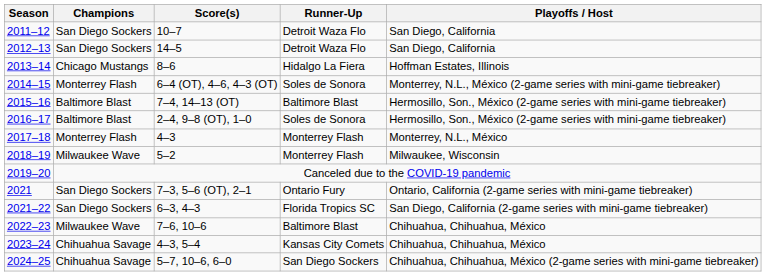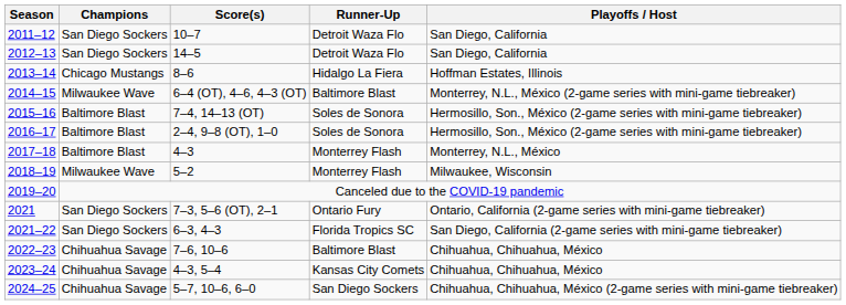 <table class="wikitable">
 <tr>
 <th scope="col">Season</th>
 <th scope="col">Champions</th>
 <th scope="col">Score(s)</th>
 <th scope="col">Runner-Up</th>
 <th scope="col">Playoffs / Host</th>
 </tr>
 <tr>
 <td scope="row"><a href='#'>2011–12</a></td>
 <td>San Diego Sockers</td>
 <td>10–7</td>
 <td>Detroit Waza Flo</td>
 <td>San Diego, California</td>
 </tr>
 <tr>
 <td scope="row"><a href='#'>2012–13</a></td>
 <td>San Diego Sockers</td>
 <td>14–5</td>
 <td>Detroit Waza Flo</td>
 <td>San Diego, California</td>
 </tr>
 <tr>
 <td scope="row"><a href='#'>2013–14</a></td>
 <td>Chicago Mustangs</td>
 <td>8–6</td>
 <td>Hidalgo La Fiera</td>
 <td>Hoffman Estates, Illinois</td>
 </tr>
 <tr>
 <td scope="row"><a href='#'>2014–15</a></td>
-<td>Monterrey Flash</td>
+<td>Milwaukee Wave</td>
 <td>6–4 (OT), 4–6, 4–3 (OT)</td>
-<td>Soles de Sonora</td>
+<td>Baltimore Blast</td>
 <td>Monterrey, N.L., México (2-game series with mini-game tiebreaker)</td>
 </tr>
 <tr>
 <td scope="row"><a href='#'>2015–16</a></td>
 <td>Baltimore Blast</td>
 <td>7–4, 14–13 (OT)</td>
-<td>Baltimore Blast</td>
+<td>Soles de Sonora</td>
 <td>Hermosillo, Son., México (2-game series with mini-game tiebreaker)</td>
 </tr>
 <tr>
 <td scope="row"><a href='#'>2016–17</a></td>
 <td>Baltimore Blast</td>
 <td>2–4, 9–8 (OT), 1–0</td>
 <td>Soles de Sonora</td>
 <td>Hermosillo, Son., México (2-game series with mini-game tiebreaker)</td>
 </tr>
 <tr>
 <td scope="row"><a href='#'>2017–18</a></td>
-<td>Monterrey Flash</td>
+<td>Baltimore Blast</td>
 <td>4–3</td>
 <td>Monterrey Flash</td>
 <td>Monterrey, N.L., México</td>
 </tr>
 <tr>
 <td scope="row"><a href='#'>2018–19</a></td>
 <td>Milwaukee Wave</td>
 <td>5–2</td>
 <td>Monterrey Flash</td>
 <td>Milwaukee, Wisconsin</td>
 </tr>
 <tr>
 <td scope="row"><a href='#'>2019–20</a></td>
 <td colspan="4" style="text-align: center;">Canceled due to the <a href='#'>COVID-19 pandemic</a></td>
 </tr>
 <tr>
 <td scope="row"><a href='#'>2021</a></td>
 <td>San Diego Sockers</td>
 <td>7–3, 5–6 (OT), 2–1</td>
 <td>Ontario Fury</td>
 <td>Ontario, California (2-game series with mini-game tiebreaker)</td>
 </tr>
 <tr>
 <td scope="row"><a href='#'>2021–22</a></td>
 <td>San Diego Sockers</td>
 <td>6–3, 4–3</td>
 <td>Florida Tropics SC</td>
 <td>San Diego, California (2-game series with mini-game tiebreaker)</td>
 </tr>
 <tr>
 <td scope="row"><a href='#'>2022–23</a></td>
-<td>Milwaukee Wave</td>
+<td>Chihuahua Savage</td>
 <td>7–6, 10–6</td>
 <td>Baltimore Blast</td>
 <td>Chihuahua, Chihuahua, México</td>
 </tr>
 <tr>
 <td scope="row"><a href='#'>2023–24</a></td>
 <td>Chihuahua Savage</td>
 <td>4–3, 5–4</td>
 <td>Kansas City Comets</td>
 <td>Chihuahua, Chihuahua, México</td>
 </tr>
 <tr>
 <td scope="row"><a href='#'>2024–25</a></td>
 <td>Chihuahua Savage</td>
 <td>5–7, 10–6, 6–0</td>
 <td>San Diego Sockers</td>
 <td>Chihuahua, Chihuahua, México (2-game series with mini-game tiebreaker)</td>
 </tr>
 </table>
